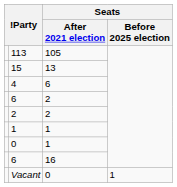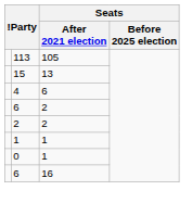 <table class="wikitable">
 <tr>
 <th colspan=2 rowspan=2>!Party</th>
 <th colspan=2>Seats</th>
 </tr>
 <tr>
 <th>After<br><a href='#'>2021 election</a></th>
 <th>Before<br>2025 election</th>
 </tr>
 <tr>
 <td></td>
 <td>113</td>
 <td>105</td>
 </tr>
 <tr>
 <td></td>
 <td>15</td>
 <td>13</td>
 </tr>
 <tr>
 <td></td>
 <td>4</td>
 <td>6</td>
 </tr>
 <tr>
 <td></td>
 <td>6</td>
 <td>2</td>
 </tr>
 <tr>
 <td></td>
 <td>2</td>
 <td>2</td>
 </tr>
 <tr>
 <td></td>
 <td>1</td>
 <td>1</td>
 </tr>
 <tr>
 <td></td>
 <td>0</td>
 <td>1</td>
 </tr>
 <tr>
 <td></td>
 <td>6</td>
 <td>16</td>
 </tr>
-<tr>
-<td></td>
-<td><em>Vacant</em></td>
-<td>0</td>
-<td>1</td>
-</tr>
 </table>
